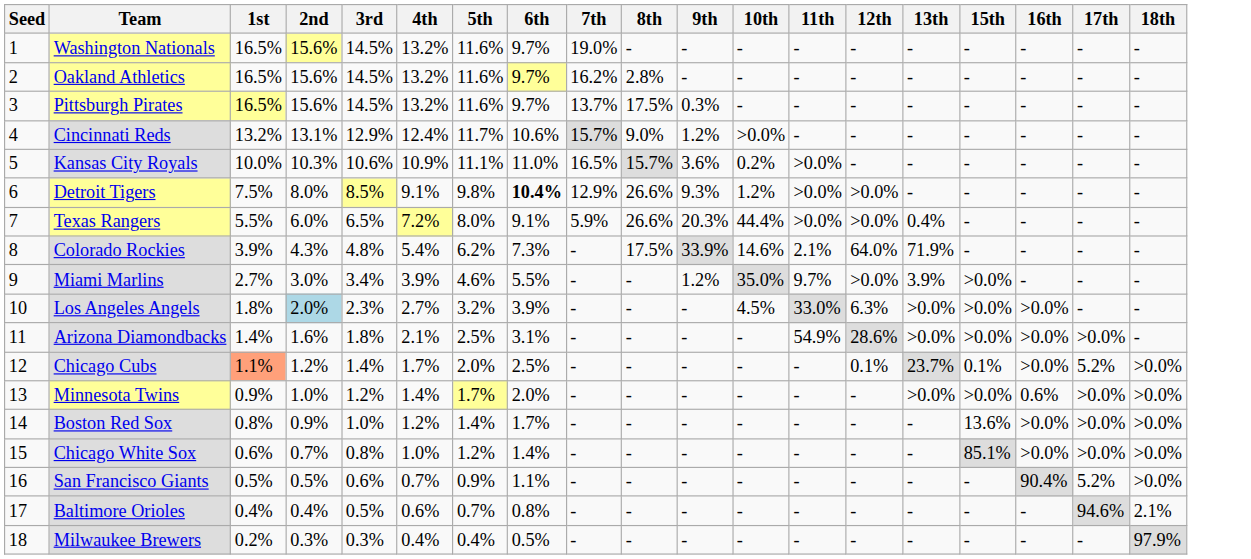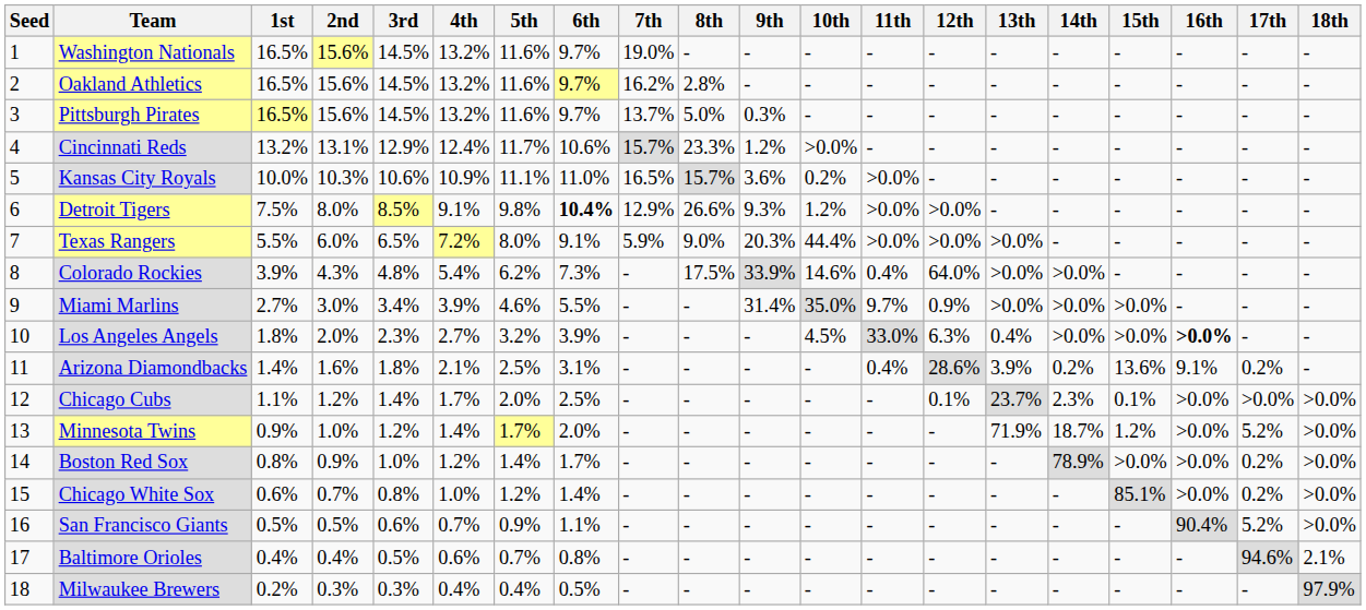 <table class="wikitable">
 <tr>
 <th>Seed</th>
 <th>Team</th>
 <th>1st</th>
 <th>2nd</th>
 <th>3rd</th>
 <th>4th</th>
 <th>5th</th>
 <th>6th</th>
 <th>7th</th>
 <th>8th</th>
 <th>9th</th>
 <th>10th</th>
 <th>11th</th>
 <th>12th</th>
 <th>13th</th>
+<th>14th</th>
 <th>15th</th>
 <th>16th</th>
 <th>17th</th>
 <th>18th</th>
 </tr>
 <tr>
 <td align="left">1</td>
 <td style="background:#ff9;"><a href='#'>Washington Nationals</a></td>
 <td>16.5%</td>
 <td style="background:#ff9;">15.6%</td>
 <td>14.5%</td>
 <td>13.2%</td>
 <td>11.6%</td>
 <td>9.7%</td>
 <td>19.0%</td>
+<td>-</td>
 <td>-</td>
 <td>-</td>
 <td>-</td>
 <td>-</td>
 <td>-</td>
 <td>-</td>
 <td>-</td>
 <td>-</td>
 <td>-</td>
 <td ->-</td>
 </tr>
 <tr>
 <td align="left">2</td>
 <td style="background:#ff9;"><a href='#'>Oakland Athletics</a></td>
 <td>16.5%</td>
 <td>15.6%</td>
 <td>14.5%</td>
 <td>13.2%</td>
 <td>11.6%</td>
 <td style="background:#ff9;">9.7%</td>
 <td>16.2%</td>
 <td>2.8%</td>
 <td>-</td>
 <td>-</td>
 <td>-</td>
 <td>-</td>
 <td>-</td>
 <td>-</td>
 <td>-</td>
 <td>-</td>
 <td>-</td>
+<td>-</td>
 </tr>
 <tr>
 <td align="left">3</td>
 <td style="background:#ff9;"><a href='#'>Pittsburgh Pirates</a></td>
 <td style="background:#ff9;">16.5%</td>
 <td>15.6%</td>
 <td>14.5%</td>
 <td>13.2%</td>
 <td>11.6%</td>
 <td>9.7%</td>
 <td>13.7%</td>
-<td>17.5%</td>
+<td>5.0%</td>
 <td>0.3%</td>
+<td>-</td>
 <td>-</td>
 <td>-</td>
 <td>-</td>
 <td>-</td>
 <td>-</td>
 <td>-</td>
 <td>-</td>
 <td>-</td>
 </tr>
 <tr>
 <td align="left">4</td>
 <td style="background:#DDDDDD;"><a href='#'>Cincinnati Reds</a></td>
 <td>13.2%</td>
 <td>13.1%</td>
 <td>12.9%</td>
 <td>12.4%</td>
 <td>11.7%</td>
 <td>10.6%</td>
 <td style="background:#DDDDDD;">15.7%</td>
-<td>9.0%</td>
+<td>23.3%</td>
 <td>1.2%</td>
 <td>>0.0%</td>
+<td>-</td>
 <td>-</td>
 <td>-</td>
 <td>-</td>
 <td>-</td>
 <td>-</td>
 <td>-</td>
 <td>-</td>
 </tr>
 <tr>
 <td align="left">5</td>
 <td style="background:#DDDDDD;"><a href='#'>Kansas City Royals</a></td>
 <td>10.0%</td>
 <td>10.3%</td>
 <td>10.6%</td>
 <td>10.9%</td>
 <td>11.1%</td>
 <td>11.0%</td>
 <td>16.5%</td>
 <td style="background:#DDDDDD;">15.7%</td>
 <td>3.6%</td>
 <td>0.2%</td>
 <td>>0.0%</td>
 <td>-</td>
 <td>-</td>
 <td>-</td>
 <td>-</td>
 <td>-</td>
 <td>-</td>
+<td>-</td>
 </tr>
 <tr>
 <td align="left">6</td>
 <td style="background:#ff9;"><a href='#'>Detroit Tigers</a></td>
 <td>7.5%</td>
 <td>8.0%</td>
 <td style="background:#ff9;">8.5%</td>
 <td>9.1%</td>
 <td>9.8%</td>
 <td><strong>10.4%</strong></td>
 <td>12.9%</td>
 <td>26.6%</td>
 <td>9.3%</td>
 <td>1.2%</td>
 <td>>0.0%</td>
 <td>>0.0%</td>
 <td>-</td>
 <td>-</td>
 <td>-</td>
 <td>-</td>
 <td>-</td>
+<td>-</td>
 </tr>
 <tr>
 <td align="left">7</td>
 <td style="background:#ff9;"><a href='#'>Texas Rangers</a></td>
 <td>5.5%</td>
 <td>6.0%</td>
 <td>6.5%</td>
 <td style="background:#ff9;">7.2%</td>
 <td>8.0%</td>
 <td>9.1%</td>
 <td>5.9%</td>
-<td>26.6%</td>
+<td>9.0%</td>
 <td>20.3%</td>
 <td>44.4%</td>
 <td>>0.0%</td>
 <td>>0.0%</td>
-<td>0.4%</td>
+<td>>0.0%</td>
+<td>-</td>
 <td>-</td>
 <td>-</td>
 <td>-</td>
 <td>-</td>
 </tr>
 <tr>
 <td align="left">8</td>
 <td style="background:#DDDDDD;"><a href='#'>Colorado Rockies</a></td>
 <td>3.9%</td>
 <td>4.3%</td>
 <td>4.8%</td>
 <td>5.4%</td>
 <td>6.2%</td>
 <td>7.3%</td>
 <td>-</td>
 <td>17.5%</td>
 <td style="background:#DDDDDD;">33.9%</td>
 <td>14.6%</td>
-<td>2.1%</td>
+<td>0.4%</td>
 <td>64.0%</td>
-<td>71.9%</td>
+<td>>0.0%</td>
+<td>>0.0%</td>
 <td>-</td>
 <td>-</td>
 <td>-</td>
 <td>-</td>
 </tr>
 <tr>
 <td align="left">9</td>
 <td style="background:#DDDDDD;"><a href='#'>Miami Marlins</a></td>
 <td>2.7%</td>
 <td>3.0%</td>
 <td>3.4%</td>
 <td>3.9%</td>
 <td>4.6%</td>
 <td>5.5%</td>
 <td>-</td>
 <td>-</td>
-<td>1.2%</td>
+<td>31.4%</td>
 <td style="background:#DDDDDD;">35.0%</td>
 <td>9.7%</td>
+<td>0.9%</td>
 <td>>0.0%</td>
-<td>3.9%</td>
+<td>>0.0%</td>
 <td>>0.0%</td>
 <td>-</td>
 <td>-</td>
 <td>-</td>
 </tr>
 <tr>
 <td align="left">10</td>
 <td style="background:#DDDDDD;"><a href='#'>Los Angeles Angels</a></td>
 <td>1.8%</td>
-<td style="background: lightblue;">2.0%</td>
+<td>2.0%</td>
 <td>2.3%</td>
 <td>2.7%</td>
 <td>3.2%</td>
 <td>3.9%</td>
 <td>-</td>
 <td>-</td>
 <td>-</td>
 <td>4.5%</td>
 <td style="background:#DDDDDD;">33.0%</td>
 <td>6.3%</td>
+<td>0.4%</td>
 <td>>0.0%</td>
 <td>>0.0%</td>
-<td>>0.0%</td>
+<td><strong>>0.0%</strong></td>
 <td>-</td>
 <td>-</td>
 </tr>
 <tr>
 <td align="left">11</td>
 <td style="background:#DDDDDD;"><a href='#'>Arizona Diamondbacks</a></td>
 <td>1.4%</td>
 <td>1.6%</td>
 <td>1.8%</td>
 <td>2.1%</td>
 <td>2.5%</td>
 <td>3.1%</td>
 <td>-</td>
 <td>-</td>
 <td>-</td>
 <td>-</td>
-<td>54.9%</td>
+<td>0.4%</td>
 <td style="background:#DDDDDD;">28.6%</td>
-<td>>0.0%</td>
-<td>>0.0%</td>
-<td>>0.0%</td>
-<td>>0.0%</td>
+<td>3.9%</td>
+<td>0.2%</td>
+<td>13.6%</td>
+<td>9.1%</td>
+<td>0.2%</td>
 <td>-</td>
 </tr>
 <tr>
 <td align="left">12</td>
 <td style="background:#DDDDDD;"><a href='#'>Chicago Cubs</a></td>
-<td style="background: lightsalmon;">1.1%</td>
+<td>1.1%</td>
 <td>1.2%</td>
 <td>1.4%</td>
 <td>1.7%</td>
 <td>2.0%</td>
 <td>2.5%</td>
 <td>-</td>
 <td>-</td>
 <td>-</td>
 <td>-</td>
 <td>-</td>
 <td>0.1%</td>
 <td style="background:#DDDDDD;">23.7%</td>
+<td>2.3%</td>
 <td>0.1%</td>
 <td>>0.0%</td>
-<td>5.2%</td>
+<td>>0.0%</td>
 <td>>0.0%</td>
 </tr>
 <tr>
 <td align="left">13</td>
 <td style="background:#ff9;"><a href='#'>Minnesota Twins</a></td>
 <td>0.9%</td>
 <td>1.0%</td>
 <td>1.2%</td>
 <td>1.4%</td>
 <td style="background:#ff9;">1.7%</td>
 <td>2.0%</td>
 <td>-</td>
 <td>-</td>
 <td>-</td>
 <td>-</td>
 <td>-</td>
 <td>-</td>
+<td>71.9%</td>
+<td>18.7%</td>
+<td>1.2%</td>
 <td>>0.0%</td>
-<td>>0.0%</td>
-<td>0.6%</td>
-<td>>0.0%</td>
+<td>5.2%</td>
 <td>>0.0%</td>
 </tr>
 <tr>
 <td align="left">14</td>
 <td style="background:#DDDDDD;"><a href='#'>Boston Red Sox</a></td>
 <td>0.8%</td>
 <td>0.9%</td>
 <td>1.0%</td>
 <td>1.2%</td>
 <td>1.4%</td>
 <td>1.7%</td>
 <td>-</td>
 <td>-</td>
 <td>-</td>
 <td>-</td>
 <td>-</td>
 <td>-</td>
 <td>-</td>
-<td>13.6%</td>
+<td style="background:#DDDDDD;">78.9%</td>
 <td>>0.0%</td>
 <td>>0.0%</td>
+<td>0.2%</td>
 <td>>0.0%</td>
 </tr>
 <tr>
 <td align="left">15</td>
 <td style="background:#DDDDDD;"><a href='#'>Chicago White Sox</a></td>
 <td>0.6%</td>
 <td>0.7%</td>
 <td>0.8%</td>
 <td>1.0%</td>
 <td>1.2%</td>
 <td>1.4%</td>
 <td>-</td>
 <td>-</td>
 <td>-</td>
 <td>-</td>
 <td>-</td>
 <td>-</td>
 <td>-</td>
+<td>-</td>
 <td style="background:#DDDDDD;">85.1%</td>
 <td>>0.0%</td>
-<td>>0.0%</td>
+<td>0.2%</td>
 <td>>0.0%</td>
 </tr>
 <tr>
 <td align="left">16</td>
 <td style="background:#DDDDDD;"><a href='#'>San Francisco Giants</a></td>
 <td>0.5%</td>
 <td>0.5%</td>
 <td>0.6%</td>
 <td>0.7%</td>
 <td>0.9%</td>
 <td>1.1%</td>
+<td>-</td>
 <td>-</td>
 <td>-</td>
 <td>-</td>
 <td>-</td>
 <td>-</td>
 <td>-</td>
 <td>-</td>
 <td>-</td>
 <td style="background:#DDDDDD;">90.4%</td>
 <td>5.2%</td>
 <td>>0.0%</td>
 </tr>
 <tr>
 <td align="left">17</td>
 <td style="background:#DDDDDD;"><a href='#'>Baltimore Orioles</a></td>
 <td>0.4%</td>
 <td>0.4%</td>
 <td>0.5%</td>
 <td>0.6%</td>
 <td>0.7%</td>
 <td>0.8%</td>
+<td>-</td>
 <td>-</td>
 <td>-</td>
 <td>-</td>
 <td>-</td>
 <td>-</td>
 <td>-</td>
 <td>-</td>
 <td>-</td>
 <td>-</td>
 <td style="background:#DDDDDD;">94.6%</td>
 <td>2.1%</td>
 </tr>
 <tr>
 <td align="left">18</td>
 <td style="background:#DDDDDD;"><a href='#'>Milwaukee Brewers</a></td>
 <td>0.2%</td>
 <td>0.3%</td>
 <td>0.3%</td>
 <td>0.4%</td>
 <td>0.4%</td>
 <td>0.5%</td>
 <td>-</td>
 <td>-</td>
 <td>-</td>
 <td>-</td>
 <td>-</td>
 <td>-</td>
 <td>-</td>
 <td>-</td>
 <td>-</td>
 <td>-</td>
+<td>-</td>
 <td style="background:#DDDDDD;">97.9%</td>
 </tr>
 </table>
